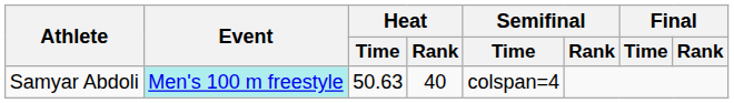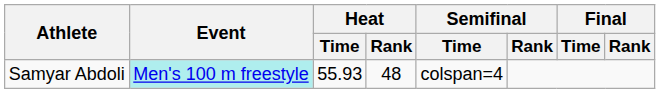 <table class=wikitable style="font-size:90%">
 <tr>
 <th rowspan="2">Athlete</th>
 <th rowspan="2">Event</th>
 <th colspan="2">Heat</th>
 <th colspan="2">Semifinal</th>
 <th colspan="2">Final</th>
 </tr>
 <tr style="font-size:95%">
 <th>Time</th>
 <th>Rank</th>
 <th>Time</th>
 <th>Rank</th>
 <th>Time</th>
 <th>Rank</th>
 </tr>
 <tr align=center>
 <td align=left>Samyar Abdoli</td>
 <td align=left style="background: paleturquoise;"><a href='#'>Men's 100 m freestyle</a></td>
-<td>50.63</td>
-<td>40</td>
+<td>55.93</td>
+<td>48</td>
 <td>colspan=4 </td>
 </tr>
 </table>
